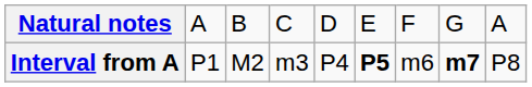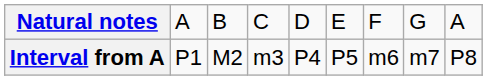 <table class="wikitable">
 <tr>
 <th><a href='#'>Natural notes</a></th>
 <td>A</td>
 <td>B</td>
 <td>C</td>
 <td>D</td>
 <td>E</td>
 <td>F</td>
 <td>G</td>
 <td>A</td>
 </tr>
 <tr>
 <th><a href='#'>Interval</a> from A</th>
 <td>P1</td>
 <td>M2</td>
 <td>m3</td>
 <td>P4</td>
-<td><strong>P5</strong></td>
+<td>P5</td>
 <td>m6</td>
-<td><strong>m7</strong></td>
+<td>m7</td>
 <td>P8</td>
 </tr>
 </table>
